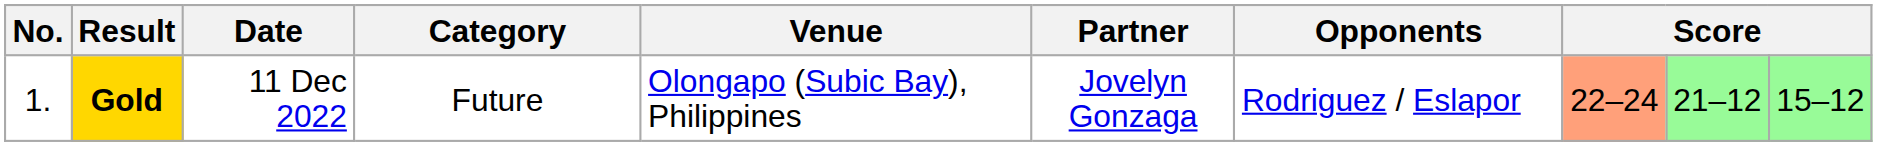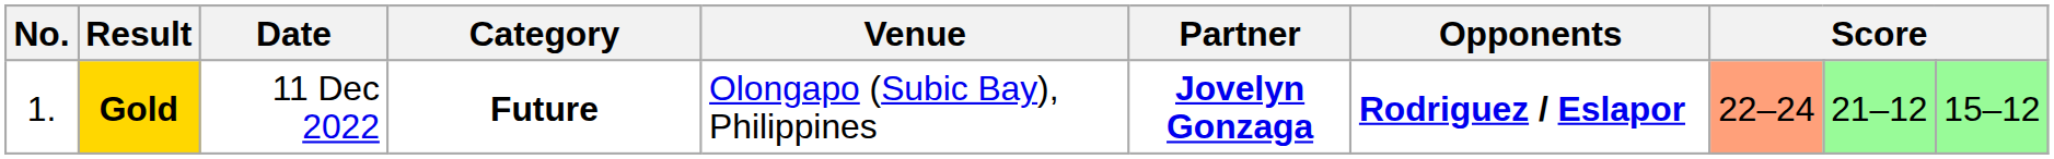 <table class="sortable wikitable" style=font-size:95%>
 <tr>
 <th>No.</th>
 <th>Result</th>
 <th width="75">Date</th>
 <th width="130">Category</th>
 <th width="180">Venue</th>
 <th width="90">Partner</th>
 <th width="150">Opponents</th>
 <th colspan="3">Score</th>
 </tr>
 <tr bgcolor=#ffffff>
 <td align=center>1.</td>
 <td align=center style="background:gold;"><strong>Gold</strong></td>
 <td align=right>11 Dec <a href='#'>2022</a></td>
-<td align=center>Future</td>
+<td align=center><strong>Future</strong></td>
 <td> <a href='#'>Olongapo</a> (<a href='#'>Subic Bay</a>), Philippines</td>
-<td align=center><a href='#'>Jovelyn Gonzaga</a></td>
-<td> <a href='#'>Rodriguez</a> / <a href='#'>Eslapor</a></td>
+<td align=center><strong><a href='#'>Jovelyn Gonzaga</a></strong></td>
+<td><strong> <a href='#'>Rodriguez</a> / <a href='#'>Eslapor</a></strong></td>
 <td bgcolor=ffa07a>22–24</td>
 <td bgcolor=98FB98>21–12</td>
 <td bgcolor=98FB98>15–12</td>
 </tr>
 </table>
